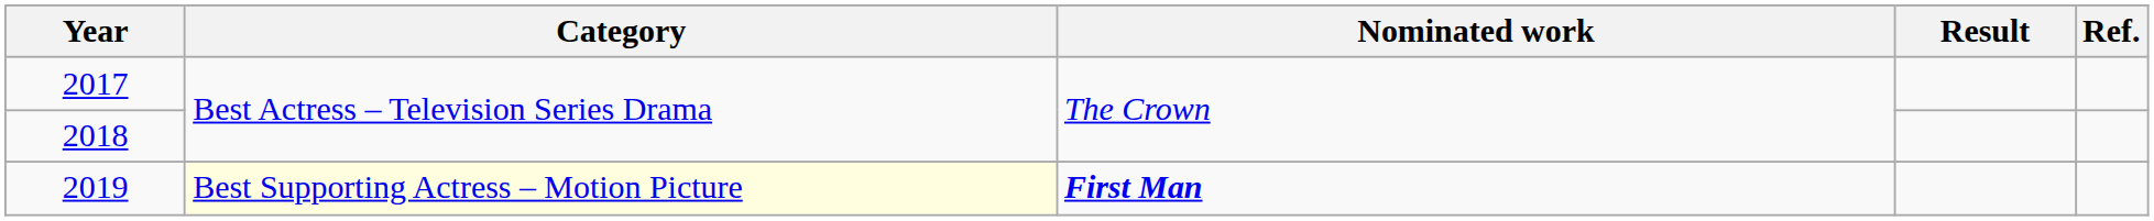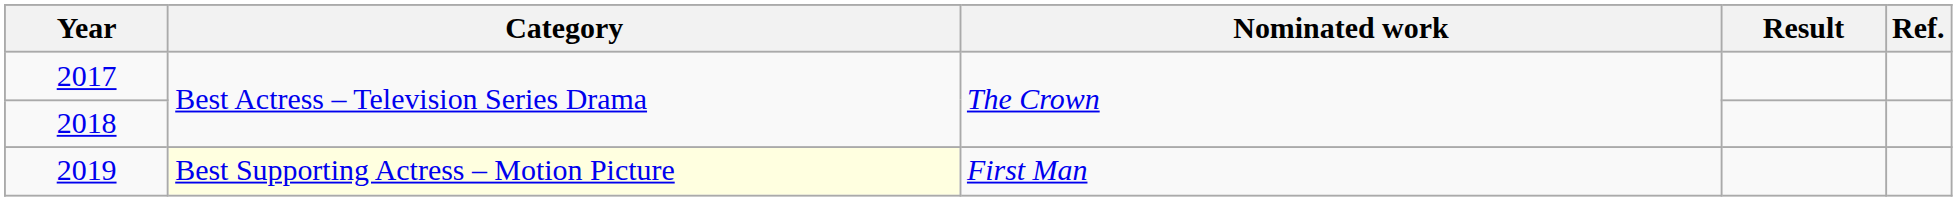 <table class=wikitable>
 <tr>
 <th scope="col" style="width:5em;">Year</th>
 <th scope="col" style="width:26em;">Category</th>
 <th scope="col" style="width:25em;">Nominated work</th>
 <th scope="col" style="width:5em;">Result</th>
 <th>Ref.</th>
 </tr>
 <tr>
 <td style="text-align:center;"><a href='#'>2017</a></td>
 <td rowspan="2"><a href='#'>Best Actress – Television Series Drama</a></td>
 <td rowspan="2"><em><a href='#'>The Crown</a></em></td>
 <td></td>
 <td style="text-align:center;"></td>
 </tr>
 <tr>
 <td style="text-align:center;"><a href='#'>2018</a></td>
 <td></td>
 <td style="text-align:center;"></td>
 </tr>
 <tr>
 <td style="text-align:center;"><a href='#'>2019</a></td>
 <td style="background: lightyellow;"><a href='#'>Best Supporting Actress – Motion Picture</a></td>
-<td><strong><em><a href='#'>First Man</a></em></strong></td>
+<td><em><a href='#'>First Man</a></em></td>
 <td></td>
 <td style="text-align:center;"></td>
 </tr>
 </table>
